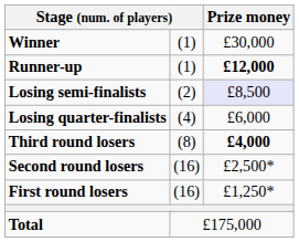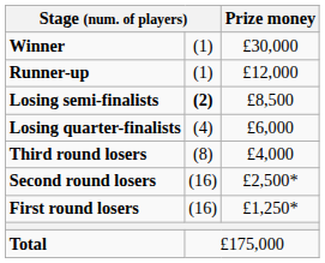 <table class="wikitable">
 <tr>
 <th colspan="2">Stage <small>(num. of players)</small></th>
 <th>Prize money</th>
 </tr>
 <tr>
 <td><strong>Winner</strong></td>
 <td align="center">(1)</td>
 <td align="center">£30,000</td>
 </tr>
 <tr>
 <td><strong>Runner-up</strong></td>
 <td align="center">(1)</td>
-<td align="center"><strong>£12,000</strong></td>
+<td align="center">£12,000</td>
 </tr>
 <tr>
 <td><strong>Losing semi-finalists</strong></td>
-<td align="center">(2)</td>
-<td align="center" style="background: lavender;">£8,500</td>
+<td align="center"><strong>(2)</strong></td>
+<td align="center">£8,500</td>
 </tr>
 <tr>
 <td><strong>Losing quarter-finalists</strong></td>
 <td align="center">(4)</td>
 <td align="center">£6,000</td>
 </tr>
 <tr>
 <td><strong>Third round losers</strong></td>
 <td align="center">(8)</td>
-<td align="center"><strong>£4,000</strong></td>
+<td align="center">£4,000</td>
 </tr>
 <tr>
 <td><strong>Second round losers</strong></td>
 <td align="center">(16)</td>
 <td align="center">£2,500*</td>
 </tr>
 <tr>
 <td><strong>First round losers</strong></td>
 <td align="center">(16)</td>
 <td align="center">£1,250*</td>
 </tr>
 <tr>
 <th colspan="3"></th>
 </tr>
 <tr>
 <td><strong>Total</strong></td>
 <td colspan="2" align="center">£175,000</td>
 </tr>
 </table>
